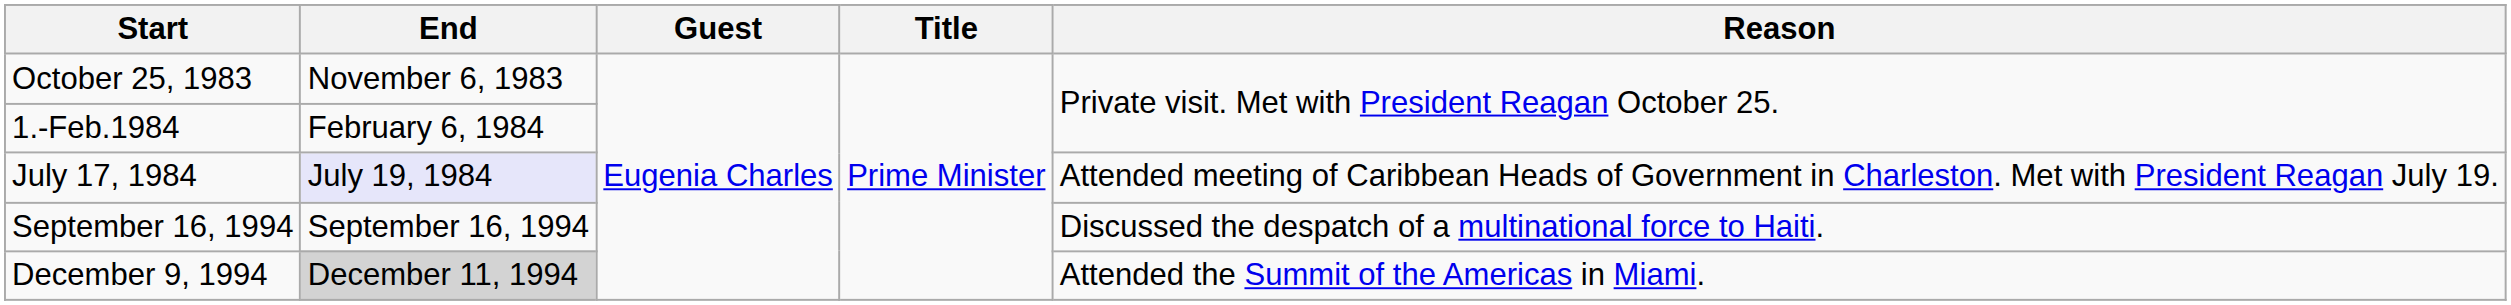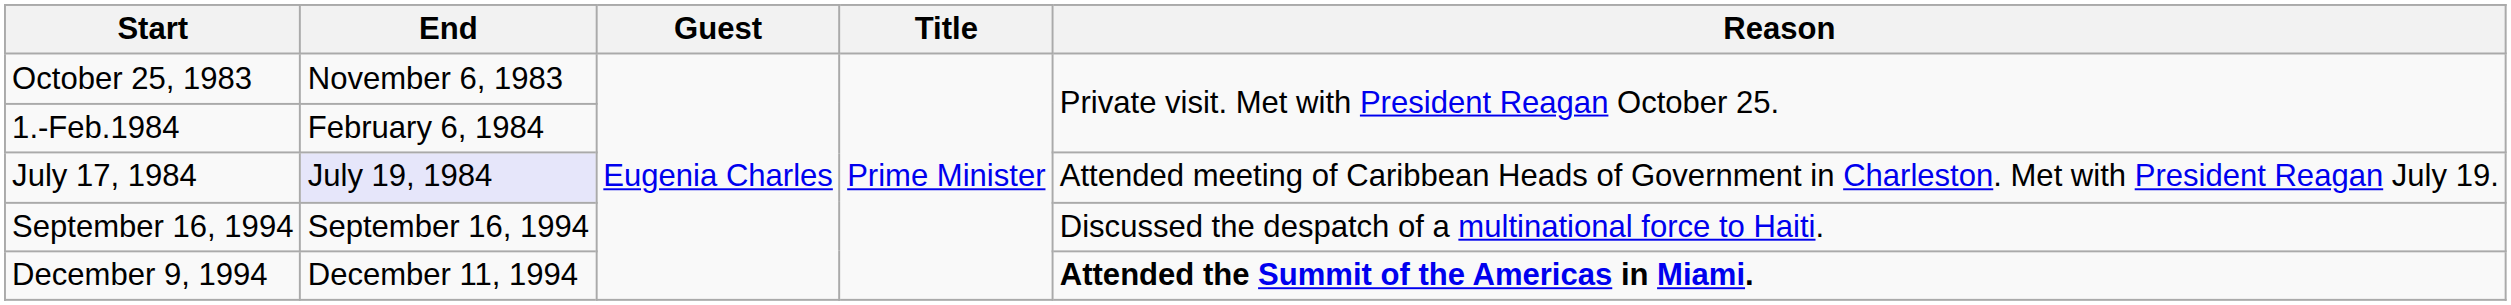 <table class="wikitable sortable">
 <tr>
 <th>Start</th>
 <th>End</th>
 <th>Guest</th>
 <th>Title</th>
 <th>Reason</th>
 </tr>
 <tr>
 <td>October 25, 1983</td>
 <td>November 6, 1983</td>
 <td rowspan="5"><a href='#'>Eugenia Charles</a></td>
 <td rowspan=5><a href='#'>Prime Minister</a></td>
 <td rowspan=2>Private visit. Met with <a href='#'>President Reagan</a> October 25.</td>
 </tr>
 <tr>
 <td>1.-Feb.1984</td>
 <td>February 6, 1984</td>
 </tr>
 <tr>
 <td>July 17, 1984</td>
 <td style="background: lavender;">July 19, 1984</td>
 <td>Attended meeting of Caribbean Heads of Government in <a href='#'>Charleston</a>. Met with <a href='#'>President Reagan</a> July 19.</td>
 </tr>
 <tr>
 <td>September 16, 1994</td>
 <td>September 16, 1994</td>
 <td>Discussed the despatch of a <a href='#'>multinational force to Haiti</a>.</td>
 </tr>
 <tr>
 <td>December 9, 1994</td>
-<td style="background: lightgrey;">December 11, 1994</td>
-<td>Attended the <a href='#'>Summit of the Americas</a> in <a href='#'>Miami</a>.</td>
+<td>December 11, 1994</td>
+<td><strong>Attended the <a href='#'>Summit of the Americas</a> in <a href='#'>Miami</a>.</strong></td>
 </tr>
 </table>
